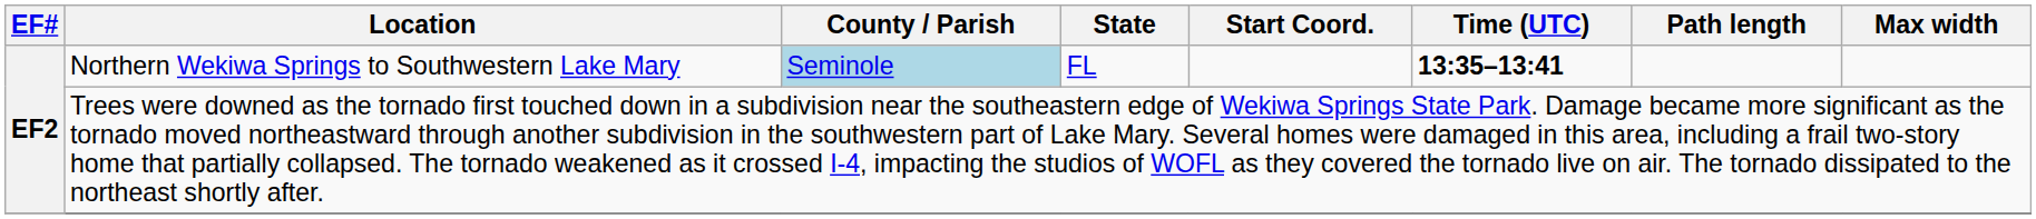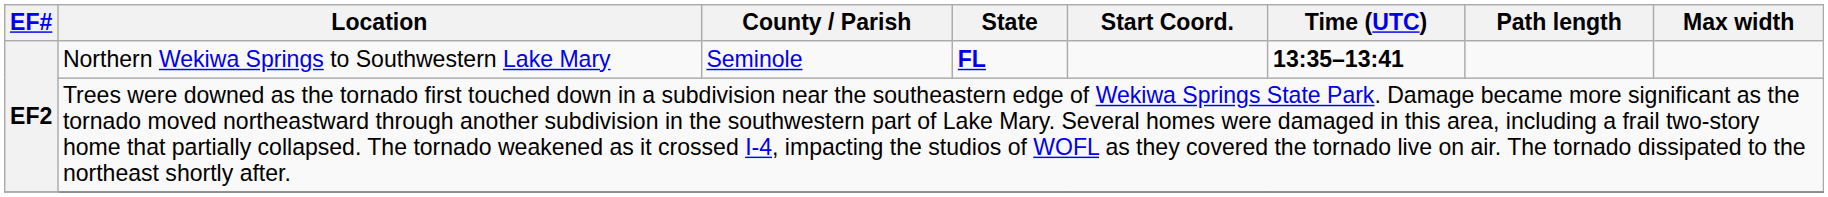 <table class="wikitable sortable" style="width:100%;">
 <tr>
 <th scope="col" width="2%" align="center"><a href='#'>EF#</a></th>
 <th scope="col" align="center" class="unsortable">Location</th>
 <th scope="col" align="center" class="unsortable">County / Parish</th>
 <th scope="col" align="center">State</th>
 <th scope="col" align="center">Start Coord.</th>
 <th scope="col" align="center">Time (<a href='#'>UTC</a>)</th>
 <th scope="col" align="center">Path length</th>
 <th scope="col" align="center">Max width</th>
 </tr>
 <tr>
 <th scope="row" rowspan="2" style="background-color:#">EF2</th>
 <td>Northern <a href='#'>Wekiwa Springs</a> to Southwestern <a href='#'>Lake Mary</a></td>
-<td style="background: lightblue;"><a href='#'>Seminole</a></td>
-<td><a href='#'>FL</a></td>
+<td><a href='#'>Seminole</a></td>
+<td><strong><a href='#'>FL</a></strong></td>
 <td></td>
 <td><strong>13:35–13:41</strong></td>
 <td></td>
 <td></td>
 </tr>
 <tr class="expand-child">
 <td colspan="8" style=" border-bottom: 1px solid black;">Trees were downed as the tornado first touched down in a subdivision near the southeastern edge of <a href='#'>Wekiwa Springs State Park</a>. Damage became more significant as the tornado moved northeastward through another subdivision in the southwestern part of Lake Mary. Several homes were damaged in this area, including a frail two-story home that partially collapsed. The tornado weakened as it crossed <a href='#'>I-4</a>, impacting the studios of <a href='#'>WOFL</a> as they covered the tornado live on air. The tornado dissipated to the northeast shortly after.</td>
 </tr>
 <tr>
 </tr>
 </table>
